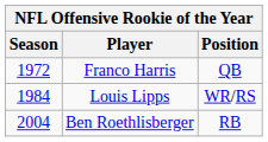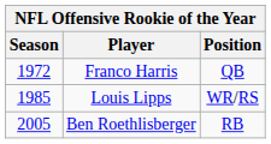 <table class="wikitable sortable" style="text-align:center">
 <tr>
 <th colspan="3">NFL Offensive Rookie of the Year</th>
 </tr>
 <tr>
 <th>Season</th>
 <th>Player</th>
 <th>Position</th>
 </tr>
 <tr>
 <td><a href='#'>1972</a></td>
 <td><a href='#'>Franco Harris</a></td>
 <td><a href='#'>QB</a></td>
 </tr>
 <tr>
-<td><a href='#'>1984</a></td>
+<td><a href='#'>1985</a></td>
 <td><a href='#'>Louis Lipps</a></td>
 <td><a href='#'>WR</a>/<a href='#'>RS</a></td>
 </tr>
 <tr>
-<td><a href='#'>2004</a></td>
+<td><a href='#'>2005</a></td>
 <td><a href='#'>Ben Roethlisberger</a></td>
 <td><a href='#'>RB</a></td>
 </tr>
 </table>
